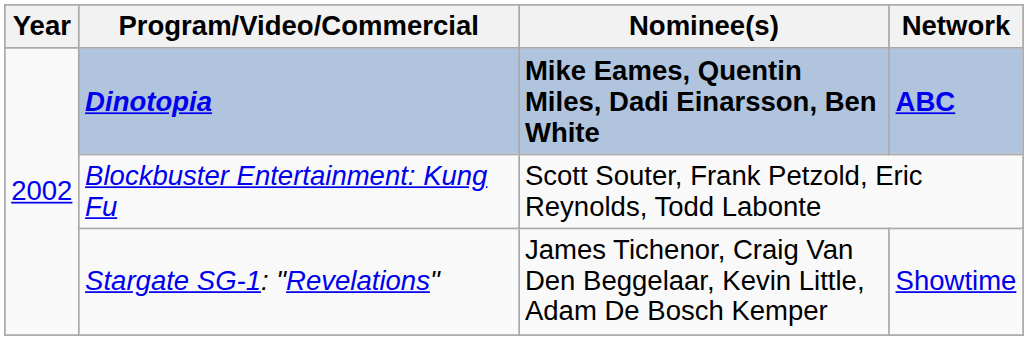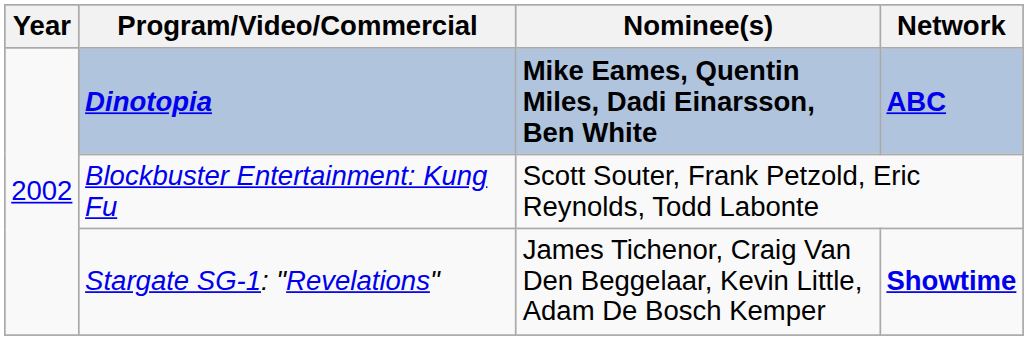 <table class="wikitable" width="95%" cellpadding="5">
 <tr>
 <th width="5%">Year</th>
 <th width="45%">Program/Video/Commercial</th>
 <th width="42%">Nominee(s)</th>
 <th width="8%">Network</th>
 </tr>
 <tr>
 <td rowspan="3" style="text-align:center;"><a href='#'>2002</a><br></td>
 <td style="background:#B0C4DE;"><strong><em><a href='#'>Dinotopia</a></em></strong></td>
 <td style="background:#B0C4DE;"><strong>Mike Eames, Quentin Miles, Dadi Einarsson, Ben White</strong></td>
 <td style="background:#B0C4DE;"><strong><a href='#'>ABC</a></strong></td>
 </tr>
 <tr>
 <td><em><a href='#'>Blockbuster Entertainment: Kung Fu</a></em></td>
 <td colspan="2">Scott Souter, Frank Petzold, Eric Reynolds, Todd Labonte</td>
 </tr>
 <tr>
 <td><em><a href='#'>Stargate SG-1</a>: "<a href='#'>Revelations</a>"</em></td>
 <td>James Tichenor, Craig Van Den Beggelaar, Kevin Little, Adam De Bosch Kemper</td>
-<td><a href='#'>Showtime</a></td>
+<td><strong><a href='#'>Showtime</a></strong></td>
 </tr>
 </table>
